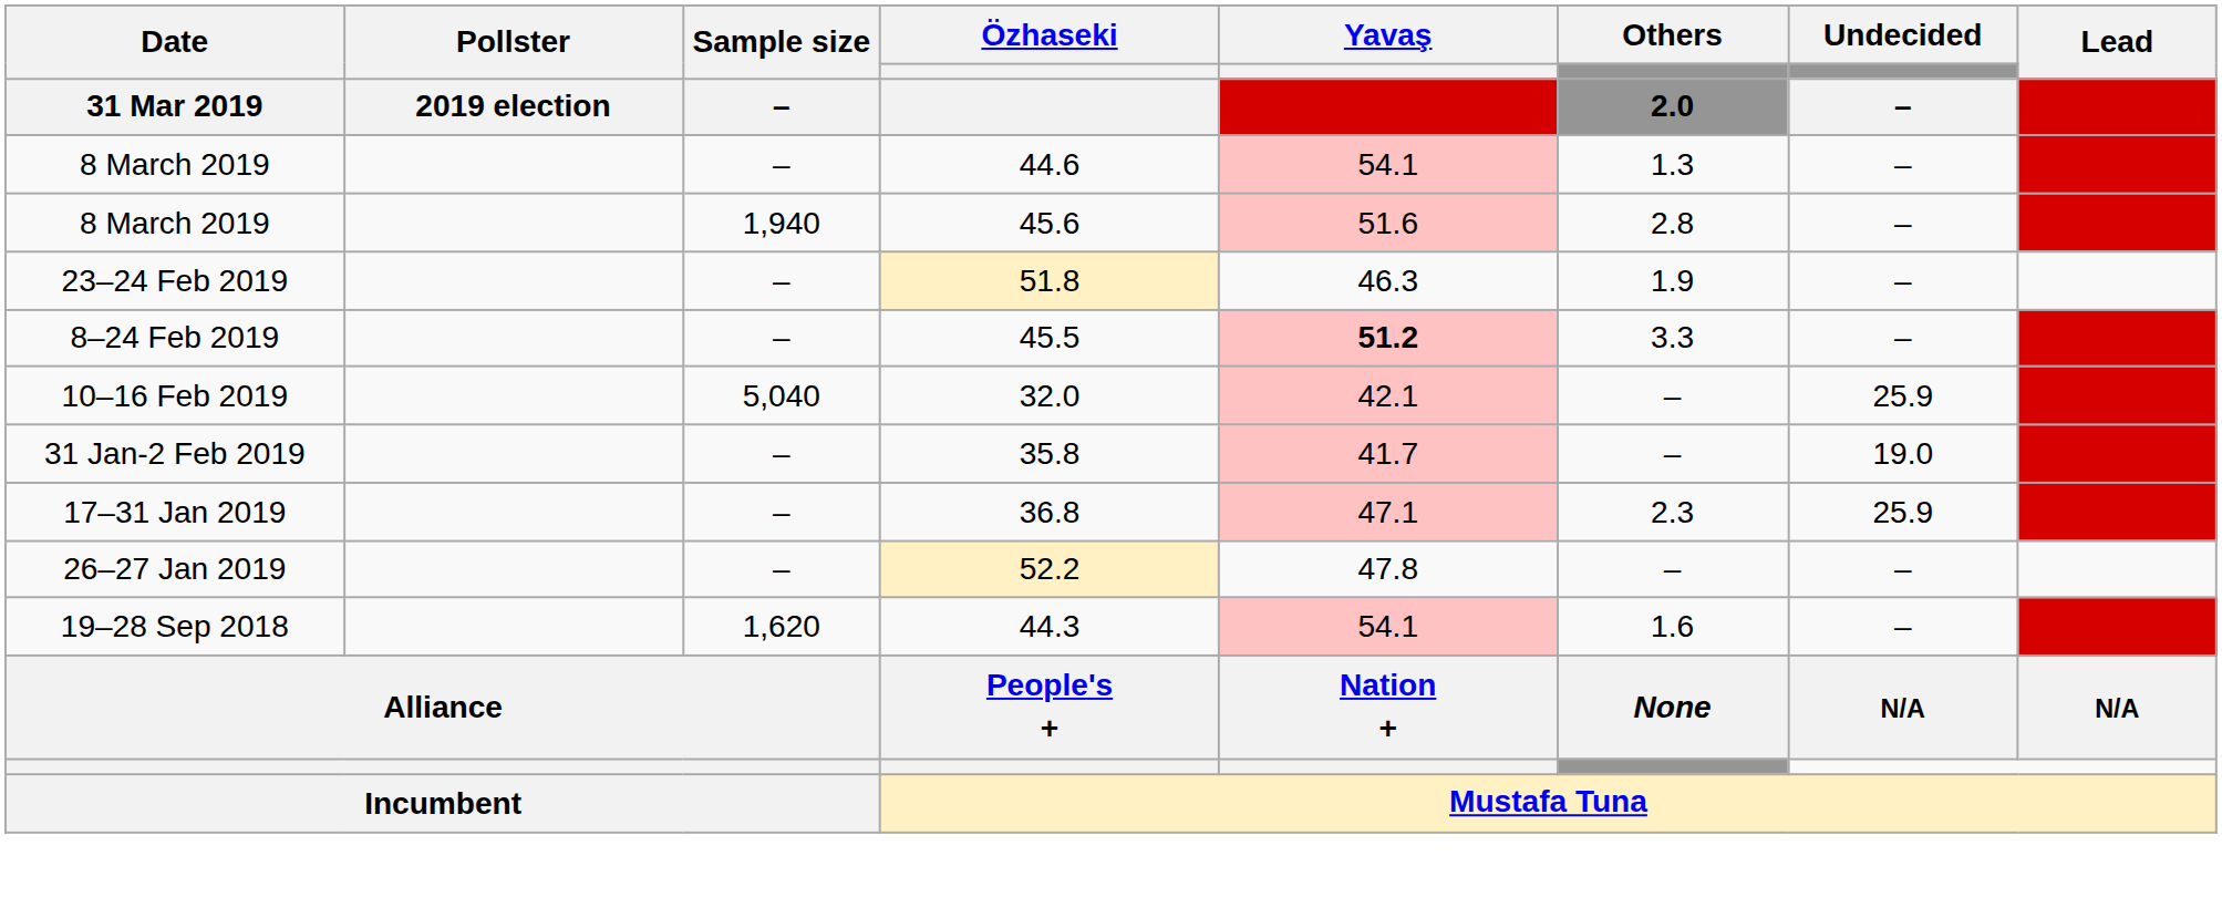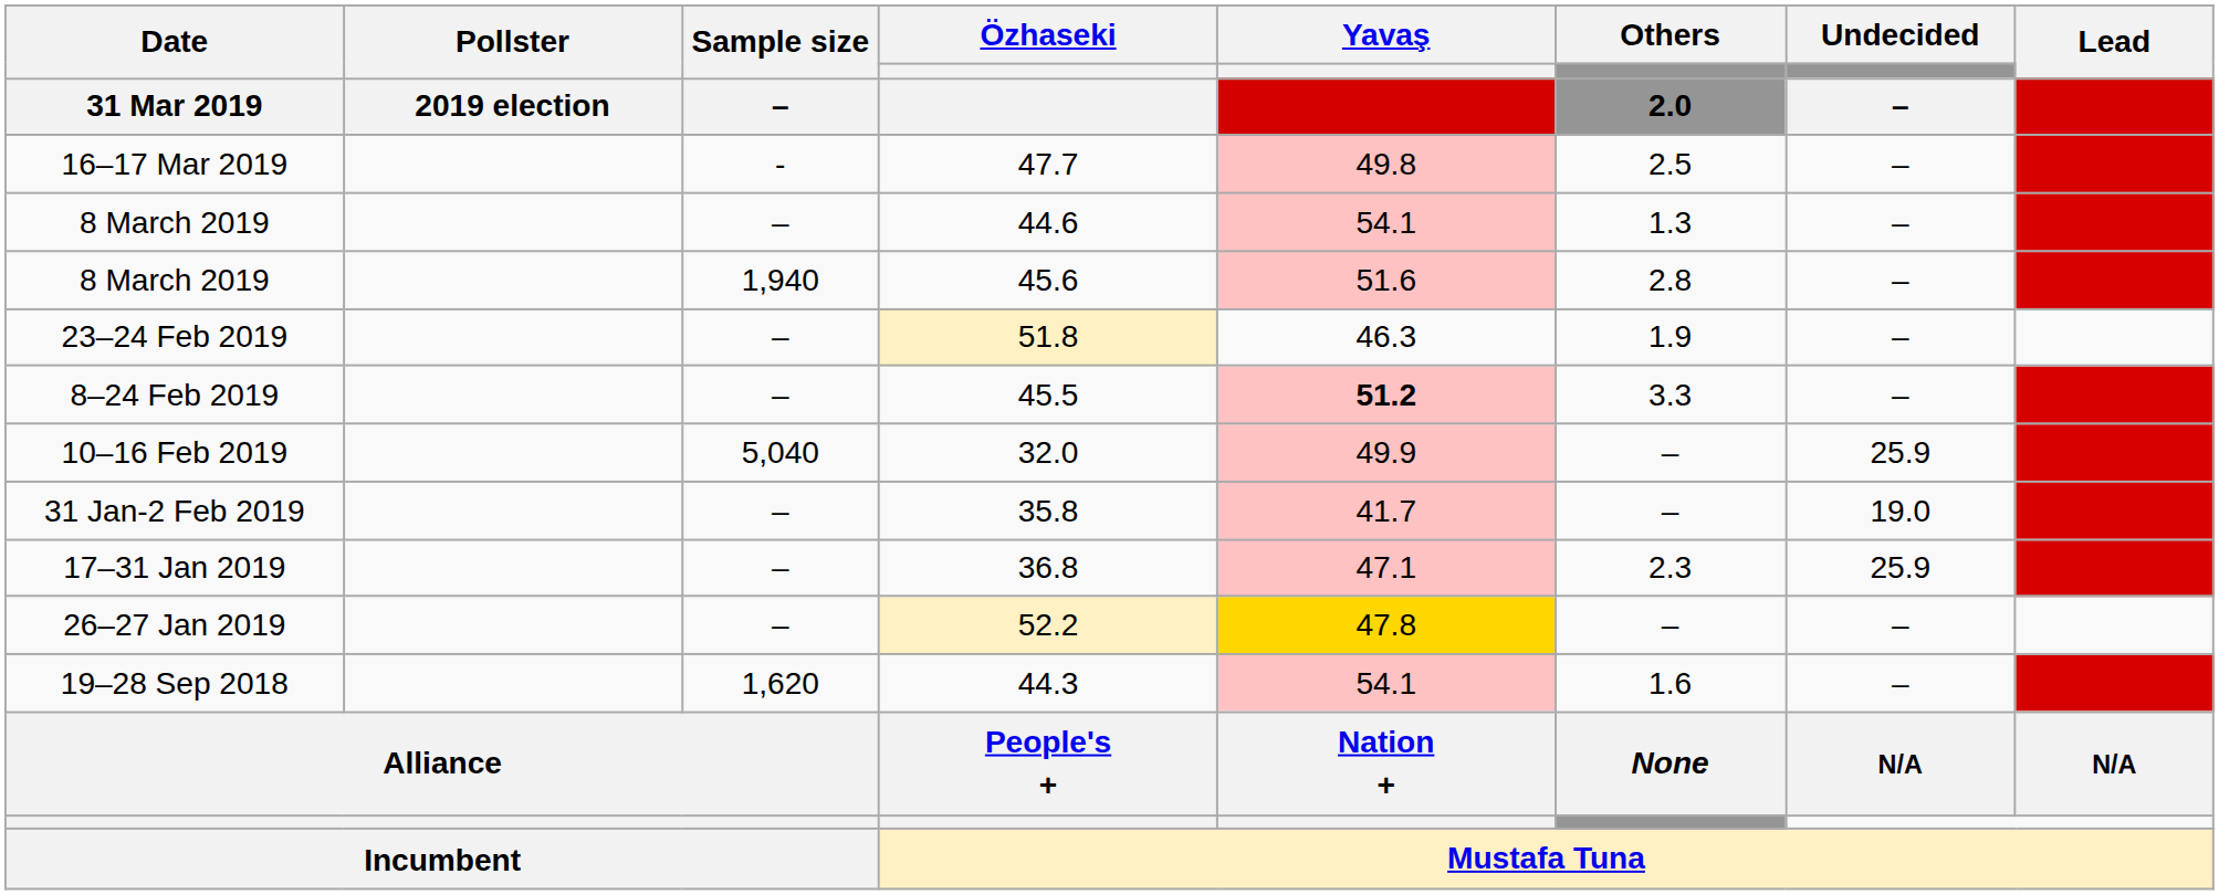 <table class="wikitable" style="text-align:center; font-size:90%; line-height:20px;">
 <tr>
 <th rowspan=2 width="150px">Date</th>
 <th rowspan=2 width="150px">Pollster</th>
 <th rowspan=2 width="85px">Sample size</th>
 <th width=150><a href='#'>Özhaseki</a></th>
 <th width=150><a href='#'>Yavaş</a></th>
 <th width=100>Others</th>
 <th width=100>Undecided</th>
 <th width=85 rowspan=2>Lead</th>
 </tr>
 <tr>
 <th style="background: "></th>
 <th style="background: "></th>
 <th style="background: #959595"></th>
 <th style="background: #959595"></th>
 </tr>
 <tr>
 <th>31 Mar 2019</th>
 <th>2019 election</th>
 <th>–</th>
 <th style="background: "></th>
 <th style="background: #d40000"></th>
 <th style="background: #959595">2.0</th>
 <th>–</th>
 <th style="background: #d40000"></th>
+</tr>
+<tr>
+<td>16–17 Mar 2019</td>
+<td></td>
+<td>-</td>
+<td>47.7</td>
+<td style="background: #FFC2C2">49.8</td>
+<td>2.5</td>
+<td>–</td>
+<td style="background: #d70000"></td>
 </tr>
 <tr>
 <td>8 March 2019</td>
 <td></td>
 <td>–</td>
 <td>44.6</td>
 <td style="background: #FFC2C2">54.1</td>
 <td>1.3</td>
 <td>–</td>
 <td style="background: #d70000"></td>
 </tr>
 <tr>
 <td>8 March 2019</td>
 <td></td>
 <td>1,940</td>
 <td>45.6</td>
 <td style="background: #FFC2C2">51.6</td>
 <td>2.8</td>
 <td>–</td>
 <td style="background: #d70000"></td>
 </tr>
 <tr>
 <td>23–24 Feb 2019</td>
 <td></td>
 <td>–</td>
 <td style="background: #FFF1C4">51.8</td>
 <td>46.3</td>
 <td>1.9</td>
 <td>–</td>
 <td style="background: "></td>
 </tr>
 <tr>
 <td>8–24 Feb 2019</td>
 <td></td>
 <td>–</td>
 <td>45.5</td>
 <td style="background: #FFC2C2"><strong>51.2</strong></td>
 <td>3.3</td>
 <td>–</td>
 <td style="background: #d70000"></td>
 </tr>
 <tr>
 <td>10–16 Feb 2019</td>
 <td></td>
 <td>5,040</td>
 <td>32.0</td>
-<td style="background: #FFC2C2">42.1</td>
+<td style="background: #FFC2C2">49.9</td>
 <td>–</td>
 <td>25.9</td>
 <td style="background: #d70000"></td>
 </tr>
 <tr>
 <td>31 Jan-2 Feb 2019</td>
 <td></td>
 <td>–</td>
 <td>35.8</td>
 <td style="background: #FFC2C2">41.7</td>
 <td>–</td>
 <td>19.0</td>
 <td style="background: #d70000"></td>
 </tr>
 <tr>
 <td>17–31 Jan 2019</td>
 <td></td>
 <td>–</td>
 <td>36.8</td>
 <td style="background: #FFC2C2">47.1</td>
 <td>2.3</td>
 <td>25.9</td>
 <td style="background: #d70000"></td>
 </tr>
 <tr>
 <td>26–27 Jan 2019</td>
 <td></td>
 <td>–</td>
 <td style="background: #FFF1C4">52.2</td>
-<td>47.8</td>
+<td style="background: gold;">47.8</td>
 <td>–</td>
 <td>–</td>
 <td style="background: "></td>
 </tr>
 <tr>
 <td>19–28 Sep 2018</td>
 <td></td>
 <td>1,620</td>
 <td>44.3</td>
 <td style="background: #FFC2C2">54.1</td>
 <td>1.6</td>
 <td>–</td>
 <td style="background: #d70000"></td>
 </tr>
 <tr>
 <th colspan=3>Alliance</th>
 <th width=150><a href='#'>People's</a><br><small></small> + <small></small></th>
 <th width=150><a href='#'>Nation</a><br><small></small> + <small></small></th>
 <th width=100><em>None</em></th>
 <th width=100><small>N/A</small></th>
 <th width=85><small>N/A</small></th>
 </tr>
 <tr>
 <th colspan=3></th>
 <th style="background: "></th>
 <th style="background: "></th>
 <th style="background: #959595"></th>
 </tr>
 <tr>
 <th colspan=3>Incumbent</th>
 <th style="background: #FFF1C4" colspan=5><a href='#'>Mustafa Tuna</a> <small></small></th>
 </tr>
 </table>
